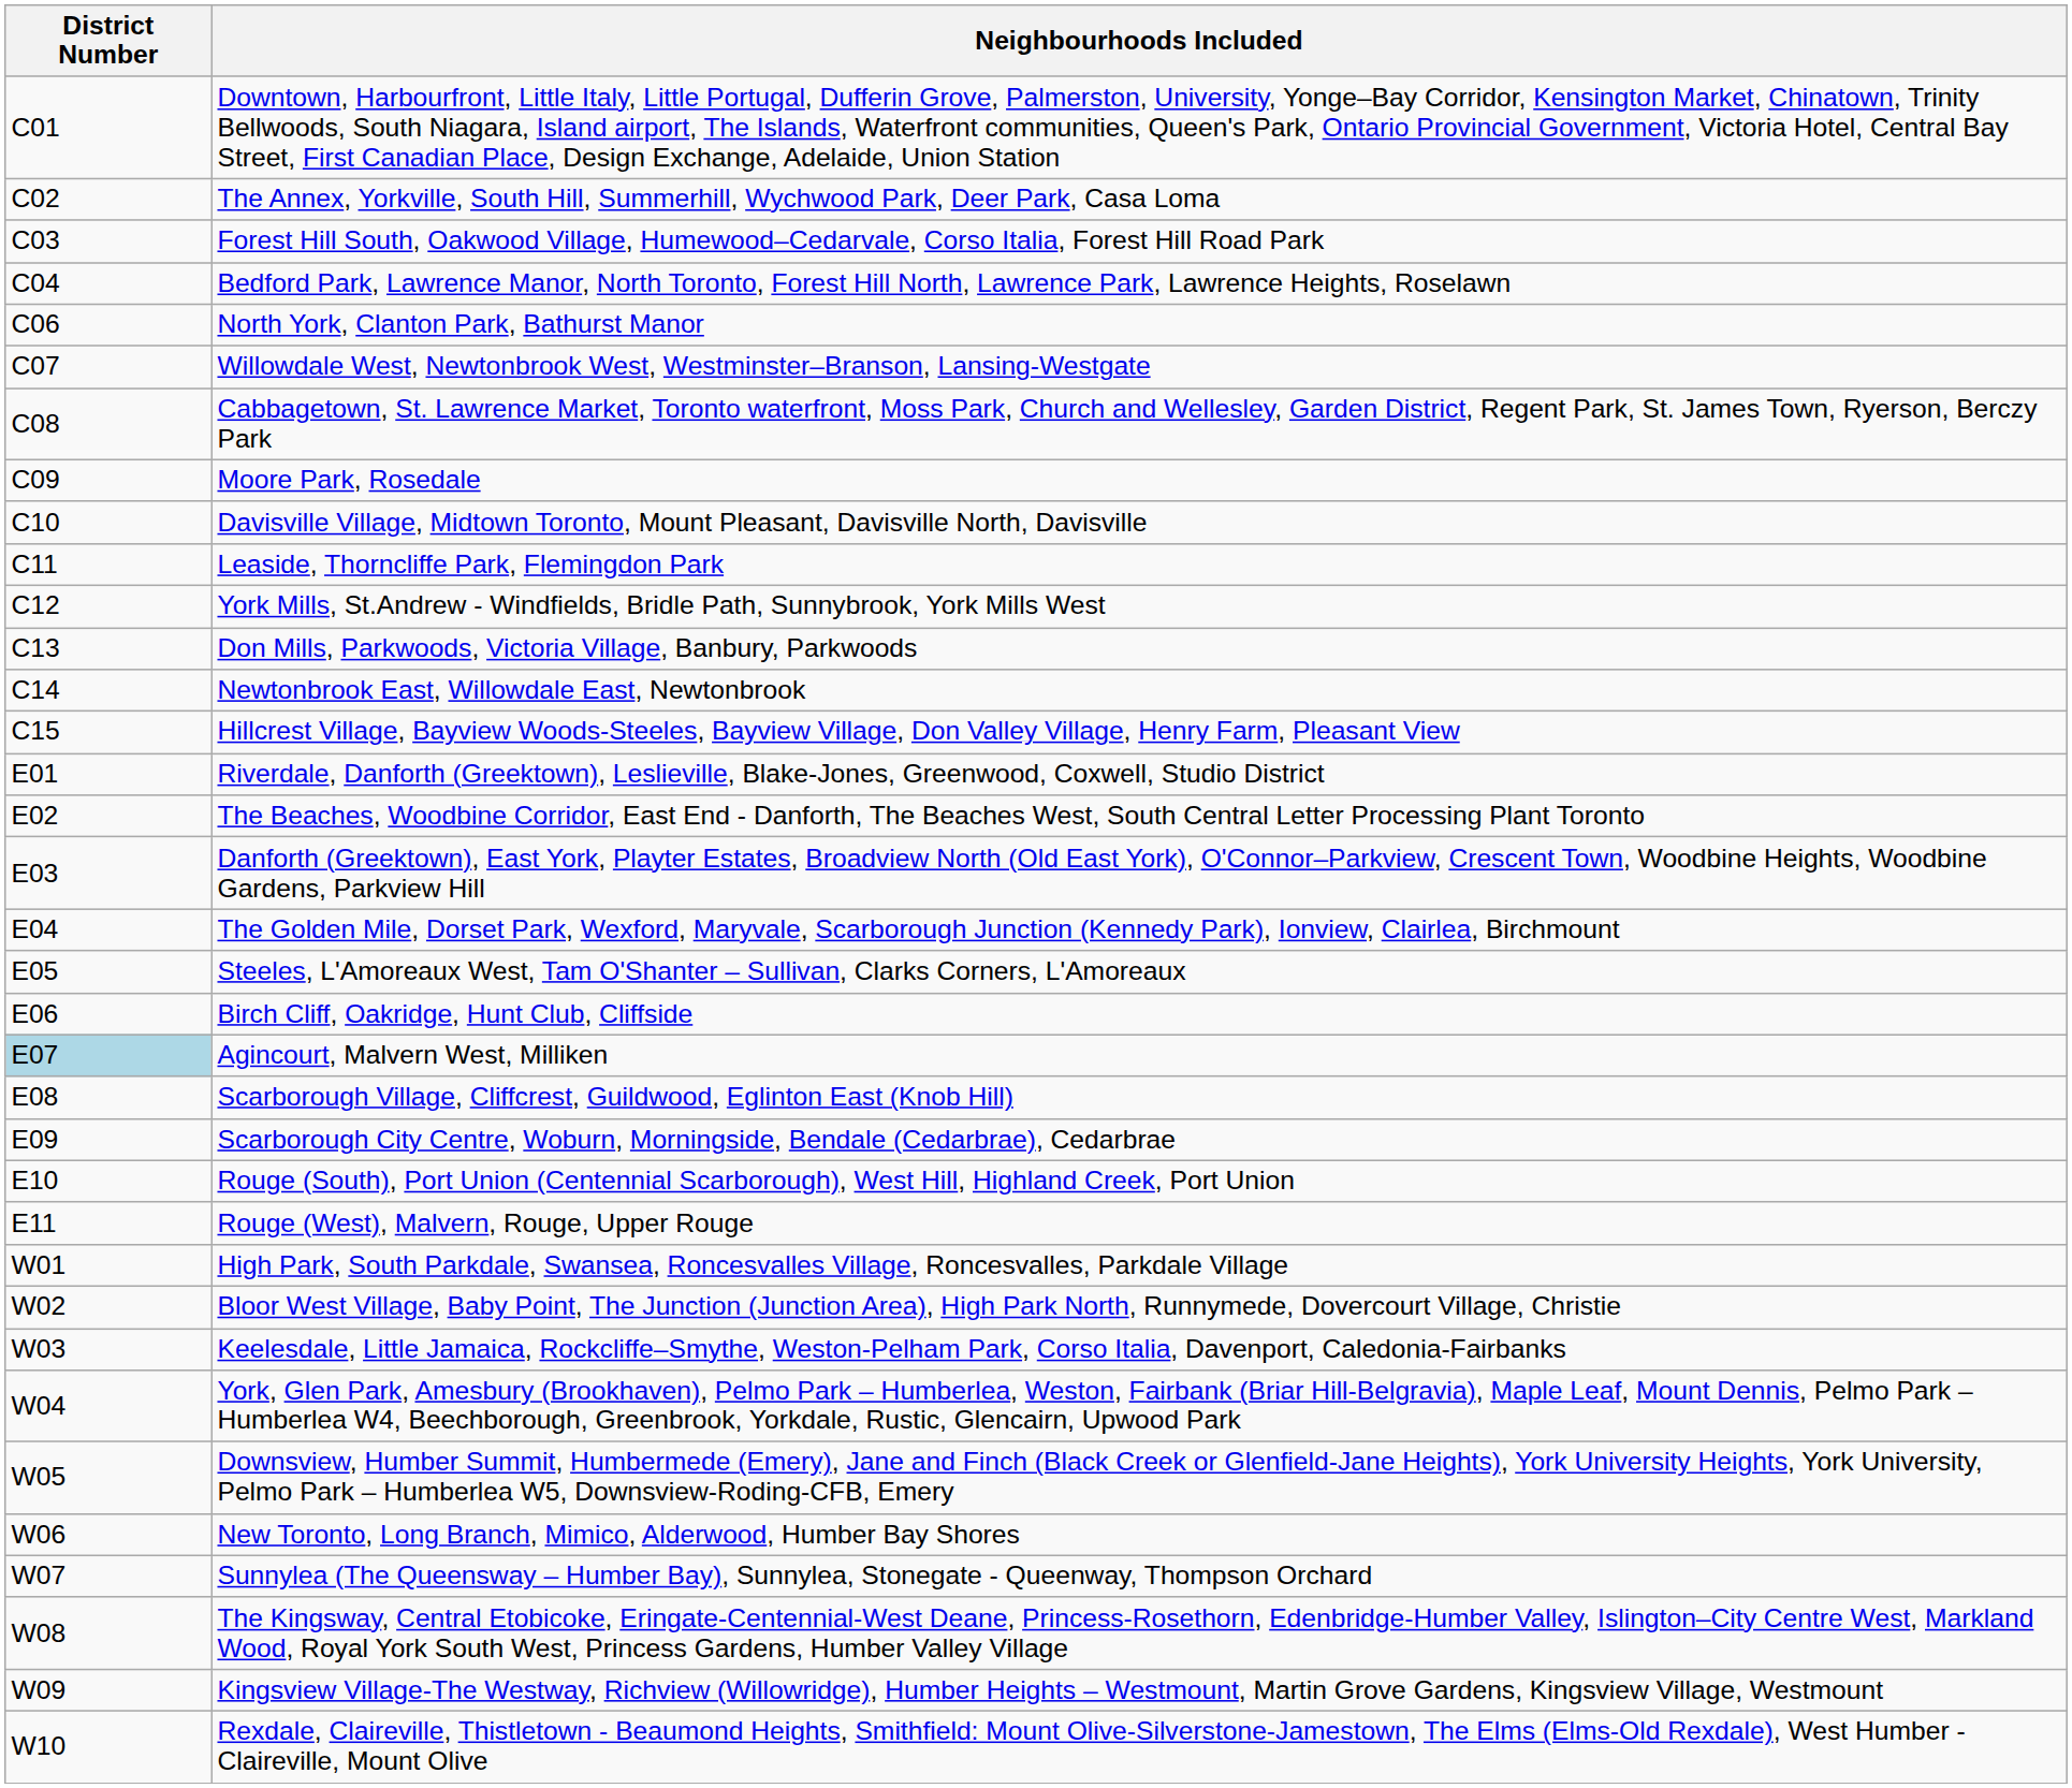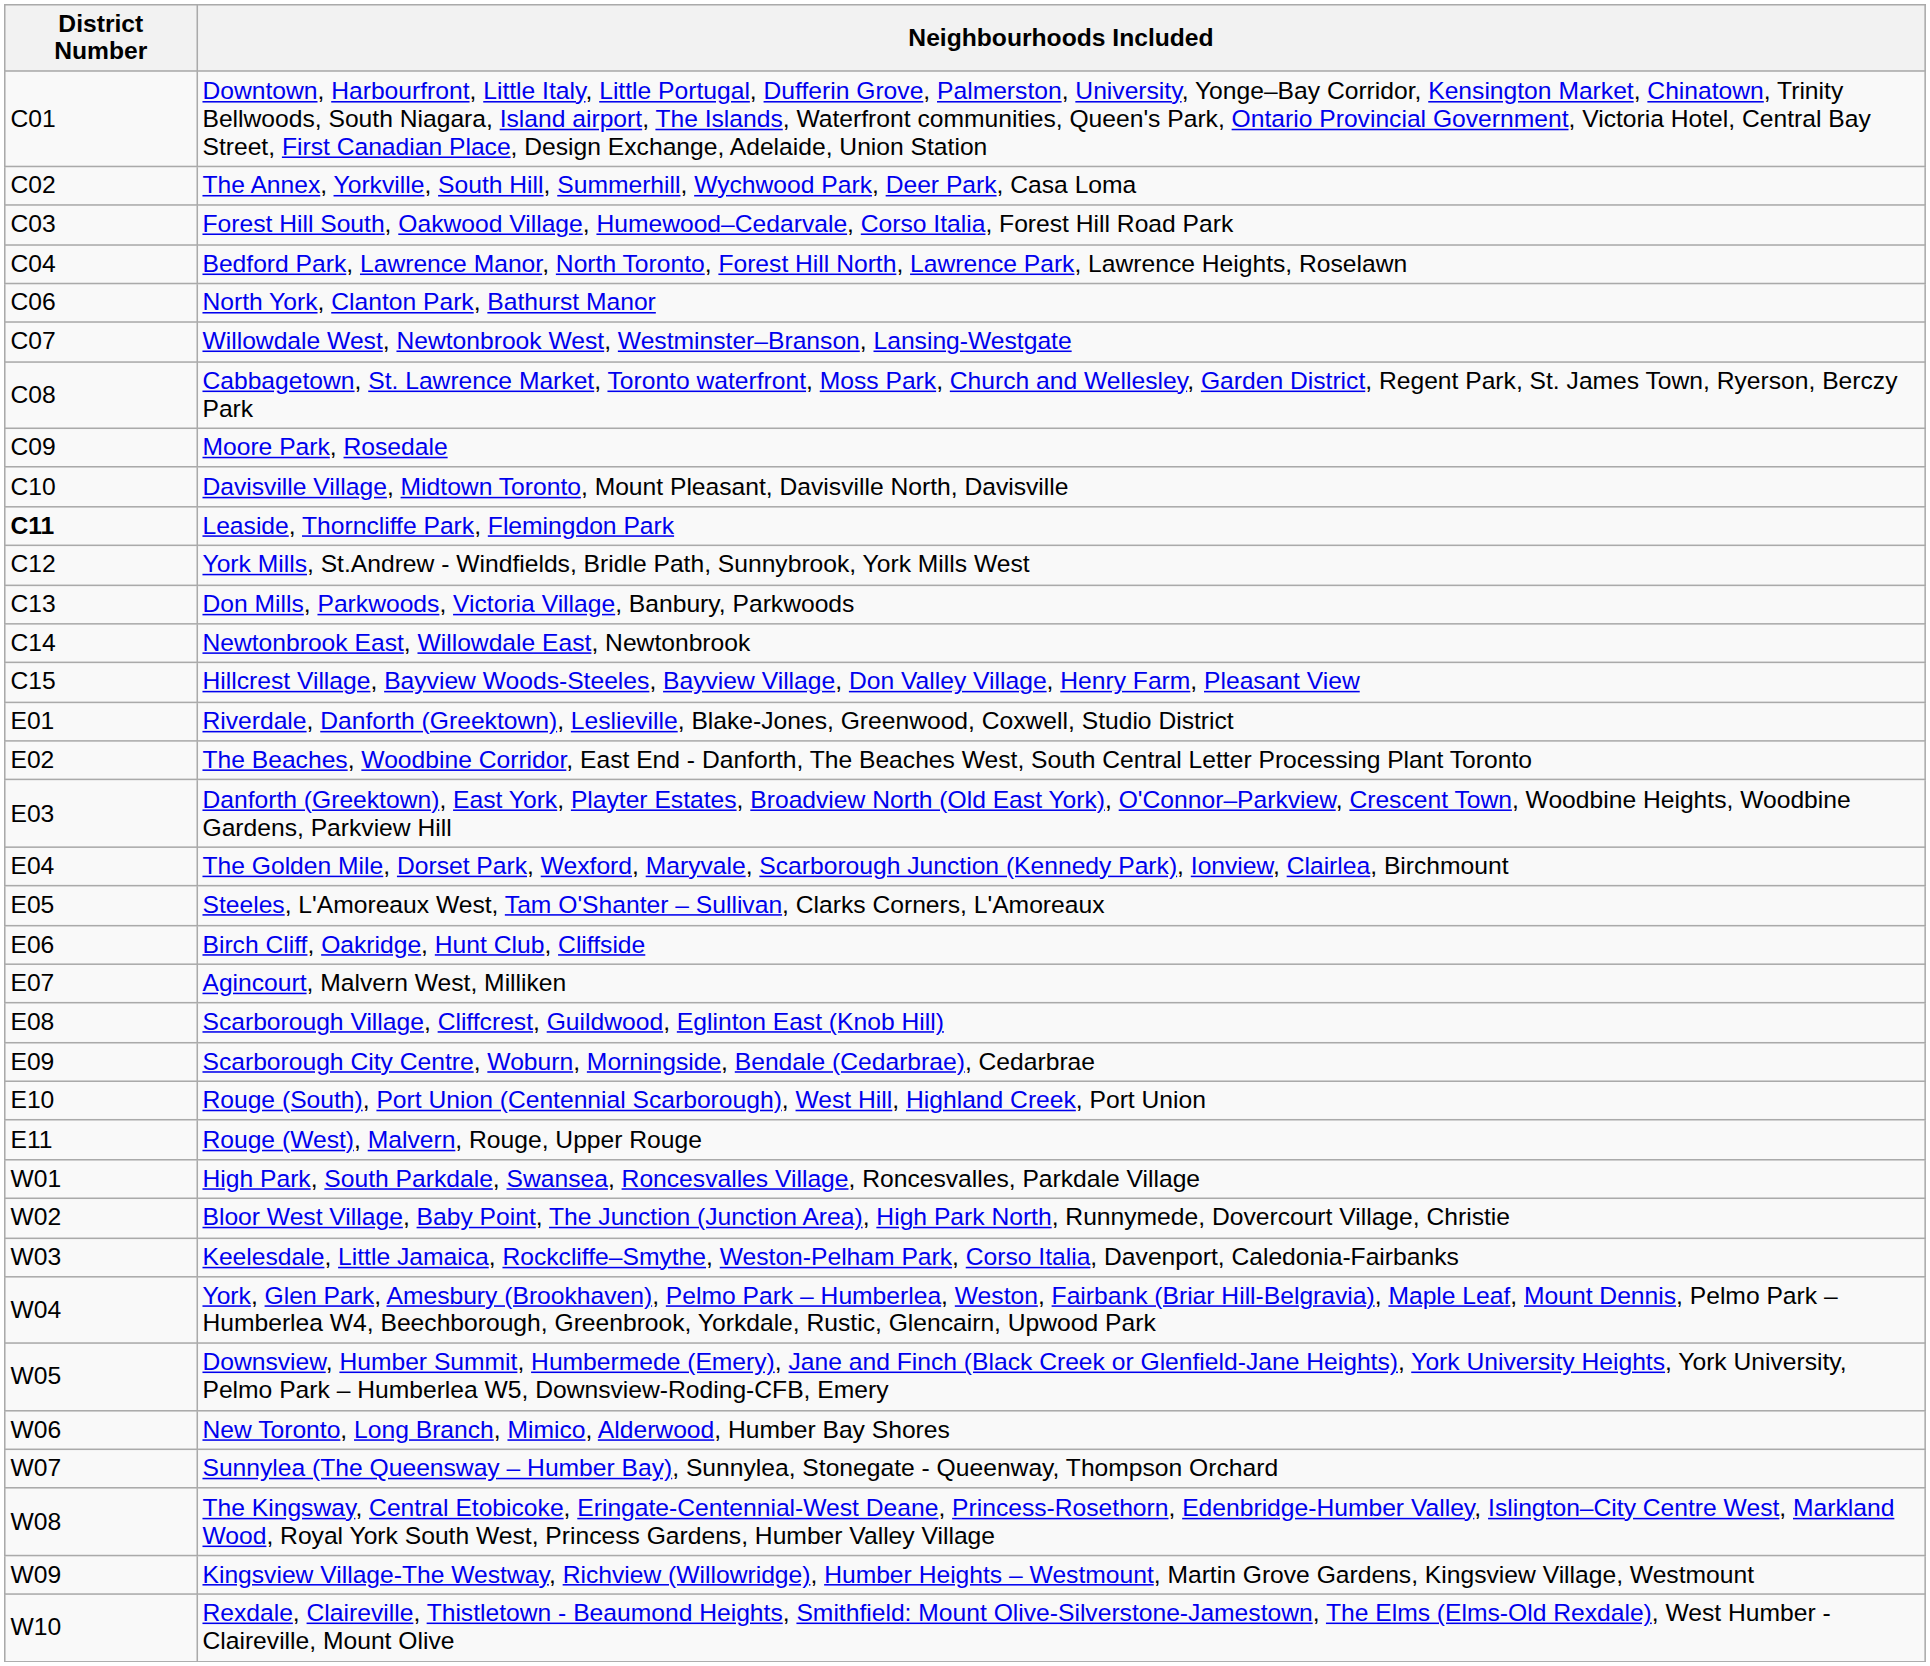 <table class="wikitable sortable">
 <tr>
 <th width=10%>District Number</th>
 <th width=90%>Neighbourhoods Included</th>
 </tr>
 <tr>
 <td>C01</td>
 <td><a href='#'>Downtown</a>, <a href='#'>Harbourfront</a>, <a href='#'>Little Italy</a>, <a href='#'>Little Portugal</a>, <a href='#'>Dufferin Grove</a>, <a href='#'>Palmerston</a>, <a href='#'>University</a>, Yonge–Bay Corridor, <a href='#'>Kensington Market</a>, <a href='#'>Chinatown</a>, Trinity Bellwoods, South Niagara, <a href='#'>Island airport</a>, <a href='#'>The Islands</a>, Waterfront communities, Queen's Park, <a href='#'>Ontario Provincial Government</a>, Victoria Hotel, Central Bay Street, <a href='#'>First Canadian Place</a>, Design Exchange, Adelaide, Union Station</td>
 </tr>
 <tr>
 <td>C02</td>
 <td><a href='#'>The Annex</a>, <a href='#'>Yorkville</a>, <a href='#'>South Hill</a>, <a href='#'>Summerhill</a>, <a href='#'>Wychwood Park</a>, <a href='#'>Deer Park</a>, Casa Loma</td>
 </tr>
 <tr>
 <td>C03</td>
 <td><a href='#'>Forest Hill South</a>, <a href='#'>Oakwood Village</a>, <a href='#'>Humewood–Cedarvale</a>, <a href='#'>Corso Italia</a>, Forest Hill Road Park</td>
 </tr>
 <tr>
 <td>C04</td>
 <td><a href='#'>Bedford Park</a>, <a href='#'>Lawrence Manor</a>, <a href='#'>North Toronto</a>, <a href='#'>Forest Hill North</a>, <a href='#'>Lawrence Park</a>, Lawrence Heights, Roselawn</td>
 </tr>
 <tr>
 <td>C06</td>
 <td><a href='#'>North York</a>, <a href='#'>Clanton Park</a>, <a href='#'>Bathurst Manor</a></td>
 </tr>
 <tr>
 <td>C07</td>
 <td><a href='#'>Willowdale West</a>, <a href='#'>Newtonbrook West</a>, <a href='#'>Westminster–Branson</a>, <a href='#'>Lansing-Westgate</a></td>
 </tr>
 <tr>
 <td>C08</td>
 <td><a href='#'>Cabbagetown</a>, <a href='#'>St. Lawrence Market</a>, <a href='#'>Toronto waterfront</a>, <a href='#'>Moss Park</a>, <a href='#'>Church and Wellesley</a>, <a href='#'>Garden District</a>, Regent Park, St. James Town, Ryerson, Berczy Park</td>
 </tr>
 <tr>
 <td>C09</td>
 <td><a href='#'>Moore Park</a>, <a href='#'>Rosedale</a></td>
 </tr>
 <tr>
 <td>C10</td>
 <td><a href='#'>Davisville Village</a>, <a href='#'>Midtown Toronto</a>, Mount Pleasant, Davisville North, Davisville</td>
 </tr>
 <tr>
-<td>C11</td>
+<td><strong>C11</strong></td>
 <td><a href='#'>Leaside</a>, <a href='#'>Thorncliffe Park</a>, <a href='#'>Flemingdon Park</a></td>
 </tr>
 <tr>
 <td>C12</td>
 <td><a href='#'>York Mills</a>, St.Andrew - Windfields, Bridle Path, Sunnybrook, York Mills West</td>
 </tr>
 <tr>
 <td>C13</td>
 <td><a href='#'>Don Mills</a>, <a href='#'>Parkwoods</a>, <a href='#'>Victoria Village</a>, Banbury, Parkwoods</td>
 </tr>
 <tr>
 <td>C14</td>
 <td><a href='#'>Newtonbrook East</a>, <a href='#'>Willowdale East</a>, Newtonbrook</td>
 </tr>
 <tr>
 <td>C15</td>
 <td><a href='#'>Hillcrest Village</a>, <a href='#'>Bayview Woods-Steeles</a>, <a href='#'>Bayview Village</a>, <a href='#'>Don Valley Village</a>, <a href='#'>Henry Farm</a>, <a href='#'>Pleasant View</a></td>
 </tr>
 <tr>
 <td>E01</td>
 <td><a href='#'>Riverdale</a>, <a href='#'>Danforth (Greektown)</a>, <a href='#'>Leslieville</a>, Blake-Jones, Greenwood, Coxwell, Studio District</td>
 </tr>
 <tr>
 <td>E02</td>
 <td><a href='#'>The Beaches</a>, <a href='#'>Woodbine Corridor</a>, East End - Danforth, The Beaches West, South Central Letter Processing Plant Toronto</td>
 </tr>
 <tr>
 <td>E03</td>
 <td><a href='#'>Danforth (Greektown)</a>, <a href='#'>East York</a>, <a href='#'>Playter Estates</a>, <a href='#'>Broadview North (Old East York)</a>, <a href='#'>O'Connor–Parkview</a>, <a href='#'>Crescent Town</a>, Woodbine Heights, Woodbine Gardens, Parkview Hill</td>
 </tr>
 <tr>
 <td>E04</td>
 <td><a href='#'>The Golden Mile</a>, <a href='#'>Dorset Park</a>, <a href='#'>Wexford</a>, <a href='#'>Maryvale</a>, <a href='#'>Scarborough Junction (Kennedy Park)</a>, <a href='#'>Ionview</a>, <a href='#'>Clairlea</a>, Birchmount</td>
 </tr>
 <tr>
 <td>E05</td>
 <td><a href='#'>Steeles</a>, L'Amoreaux West, <a href='#'>Tam O'Shanter – Sullivan</a>, Clarks Corners, L'Amoreaux</td>
 </tr>
 <tr>
 <td>E06</td>
 <td><a href='#'>Birch Cliff</a>, <a href='#'>Oakridge</a>, <a href='#'>Hunt Club</a>, <a href='#'>Cliffside</a></td>
 </tr>
 <tr>
-<td style="background: lightblue;">E07</td>
+<td>E07</td>
 <td><a href='#'>Agincourt</a>, Malvern West, Milliken</td>
 </tr>
 <tr>
 <td>E08</td>
 <td><a href='#'>Scarborough Village</a>, <a href='#'>Cliffcrest</a>, <a href='#'>Guildwood</a>, <a href='#'>Eglinton East (Knob Hill)</a></td>
 </tr>
 <tr>
 <td>E09</td>
 <td><a href='#'>Scarborough City Centre</a>, <a href='#'>Woburn</a>, <a href='#'>Morningside</a>, <a href='#'>Bendale (Cedarbrae)</a>, Cedarbrae</td>
 </tr>
 <tr>
 <td>E10</td>
 <td><a href='#'>Rouge (South)</a>, <a href='#'>Port Union (Centennial Scarborough)</a>, <a href='#'>West Hill</a>, <a href='#'>Highland Creek</a>, Port Union</td>
 </tr>
 <tr>
 <td>E11</td>
 <td><a href='#'>Rouge (West)</a>, <a href='#'>Malvern</a>, Rouge, Upper Rouge</td>
 </tr>
 <tr>
 <td>W01</td>
 <td><a href='#'>High Park</a>, <a href='#'>South Parkdale</a>, <a href='#'>Swansea</a>, <a href='#'>Roncesvalles Village</a>, Roncesvalles, Parkdale Village</td>
 </tr>
 <tr>
 <td>W02</td>
 <td><a href='#'>Bloor West Village</a>, <a href='#'>Baby Point</a>, <a href='#'>The Junction (Junction Area)</a>, <a href='#'>High Park North</a>, Runnymede, Dovercourt Village, Christie</td>
 </tr>
 <tr>
 <td>W03</td>
 <td><a href='#'>Keelesdale</a>, <a href='#'>Little Jamaica</a>, <a href='#'>Rockcliffe–Smythe</a>, <a href='#'>Weston-Pelham Park</a>, <a href='#'>Corso Italia</a>, Davenport, Caledonia-Fairbanks</td>
 </tr>
 <tr>
 <td>W04</td>
 <td><a href='#'>York</a>, <a href='#'>Glen Park</a>, <a href='#'>Amesbury (Brookhaven)</a>, <a href='#'>Pelmo Park – Humberlea</a>, <a href='#'>Weston</a>, <a href='#'>Fairbank (Briar Hill-Belgravia)</a>, <a href='#'>Maple Leaf</a>, <a href='#'>Mount Dennis</a>, Pelmo Park – Humberlea W4, Beechborough, Greenbrook, Yorkdale, Rustic, Glencairn, Upwood Park</td>
 </tr>
 <tr>
 <td>W05</td>
 <td><a href='#'>Downsview</a>, <a href='#'>Humber Summit</a>, <a href='#'>Humbermede (Emery)</a>, <a href='#'>Jane and Finch (Black Creek or Glenfield-Jane Heights)</a>, <a href='#'>York University Heights</a>, York University, Pelmo Park – Humberlea W5, Downsview-Roding-CFB, Emery</td>
 </tr>
 <tr>
 <td>W06</td>
 <td><a href='#'>New Toronto</a>, <a href='#'>Long Branch</a>, <a href='#'>Mimico</a>, <a href='#'>Alderwood</a>, Humber Bay Shores</td>
 </tr>
 <tr>
 <td>W07</td>
 <td><a href='#'>Sunnylea (The Queensway – Humber Bay)</a>, Sunnylea, Stonegate - Queenway, Thompson Orchard</td>
 </tr>
 <tr>
 <td>W08</td>
 <td><a href='#'>The Kingsway</a>, <a href='#'>Central Etobicoke</a>, <a href='#'>Eringate-Centennial-West Deane</a>, <a href='#'>Princess-Rosethorn</a>, <a href='#'>Edenbridge-Humber Valley</a>, <a href='#'>Islington–City Centre West</a>, <a href='#'>Markland Wood</a>, Royal York South West, Princess Gardens, Humber Valley Village</td>
 </tr>
 <tr>
 <td>W09</td>
 <td><a href='#'>Kingsview Village-The Westway</a>, <a href='#'>Richview (Willowridge)</a>, <a href='#'>Humber Heights – Westmount</a>, Martin Grove Gardens, Kingsview Village, Westmount</td>
 </tr>
 <tr>
 <td>W10</td>
 <td><a href='#'>Rexdale</a>, <a href='#'>Claireville</a>, <a href='#'>Thistletown - Beaumond Heights</a>, <a href='#'>Smithfield: Mount Olive-Silverstone-Jamestown</a>, <a href='#'>The Elms (Elms-Old Rexdale)</a>, West Humber - Claireville, Mount Olive</td>
 </tr>
 </table>
